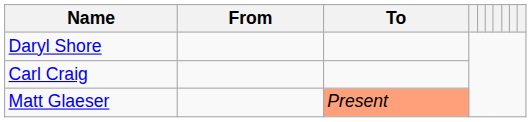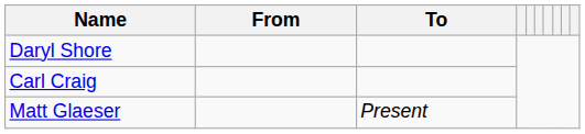 <table class="wikitable plainrowheaders sortable" style="text-align:center">
 <tr>
 <th style="width:150px;">Name</th>
 <th style="width:125px;" data-sort-type="isoDate">From</th>
 <th style="width:125px;" class="unsortable">To</th>
 <th></th>
 <th></th>
 <th></th>
 <th></th>
 <th></th>
 <th></th>
 <th></th>
 </tr>
 <tr>
 <td scope="row" style="text-align:left" data-sort-value="Shore, Daryl"> <a href='#'>Daryl Shore</a></td>
 <td align="left" data-sort-value="2018-09-27"></td>
 <td align="left"><br></td>
 </tr>
 <tr>
 <td scope="row" style="text-align:left" data-sort-value="Craig, Carl"> <a href='#'>Carl Craig</a></td>
 <td align="left" data-sort-value="2020-12-01"></td>
 <td align="left"><br></td>
 </tr>
 <tr>
 <td scope="row" style="text-align:left" data-sort-value="Glaeser, Matt"> <a href='#'>Matt Glaeser</a></td>
 <td align="left" data-sort-value="2021-12-03"></td>
-<td align="left" style="background: lightsalmon;"><em>Present</em><br></td>
+<td align="left"><em>Present</em><br></td>
 </tr>
 </table>
